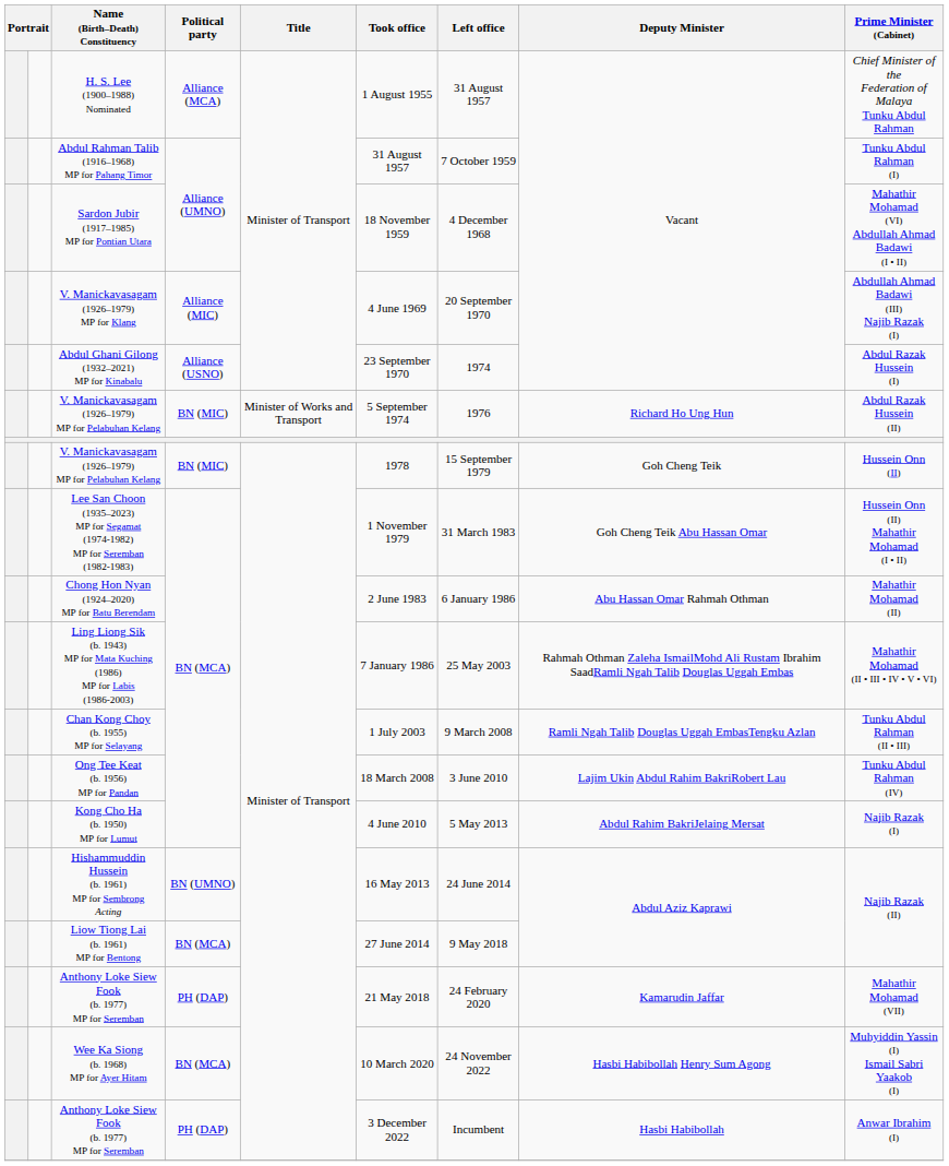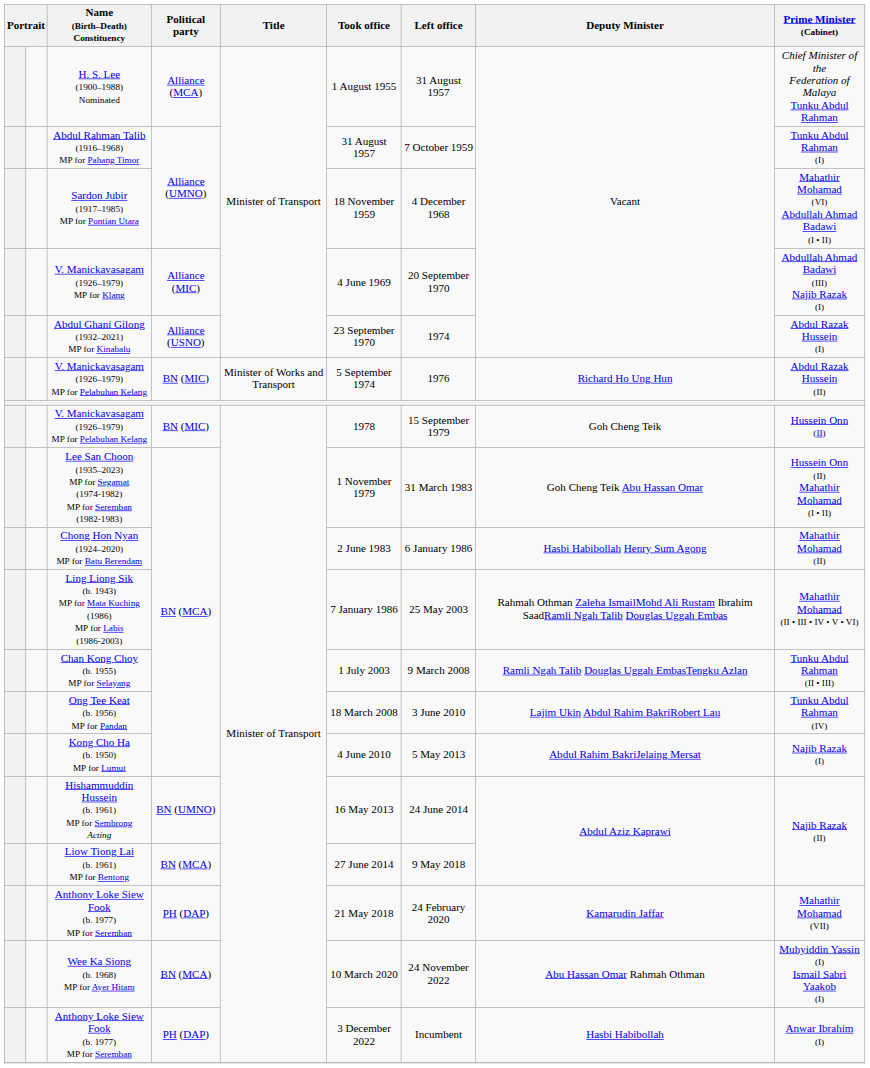 <table class="wikitable" style="text-align:center;">
 <tr>
 <th colspan=2>Portrait</th>
 <th>Name<br><small>(Birth–Death)<br>Constituency</small></th>
 <th>Political party</th>
 <th>Title</th>
 <th>Took office</th>
 <th>Left office</th>
 <th>Deputy Minister</th>
 <th><a href='#'>Prime Minister</a><br><small>(Cabinet)</small></th>
 </tr>
 <tr>
 <th style="background:"></th>
 <td></td>
 <td><a href='#'>H. S. Lee</a><br><small>(1900–1988)<br>Nominated</small></td>
 <td><a href='#'>Alliance</a> (<a href='#'>MCA</a>)</td>
 <td rowspan=5>Minister of Transport</td>
 <td>1 August 1955</td>
 <td>31 August 1957</td>
 <td rowspan="5">Vacant</td>
 <td><em>Chief Minister of the <br>Federation of Malaya</em><br><a href='#'>Tunku Abdul Rahman</a></td>
 </tr>
 <tr>
 <th style="background:"></th>
 <td></td>
 <td><a href='#'>Abdul Rahman Talib</a><br><small>(1916–1968)<br>MP for <a href='#'>Pahang Timor</a></small></td>
 <td rowspan=2><a href='#'>Alliance</a> (<a href='#'>UMNO</a>)</td>
 <td>31 August 1957</td>
 <td>7 October 1959</td>
 <td><a href='#'>Tunku Abdul Rahman</a><br><small>(I)</small></td>
 </tr>
 <tr>
 <th style="background:"></th>
 <td></td>
 <td><a href='#'>Sardon Jubir</a><br><small>(1917–1985)<br>MP for <a href='#'>Pontian Utara</a></small></td>
 <td>18 November 1959</td>
 <td>4 December 1968</td>
 <td><a href='#'>Mahathir Mohamad</a><br><small>(VI)</small><br><a href='#'>Abdullah Ahmad Badawi</a><br><small>(I • II)</small></td>
 </tr>
 <tr>
 <th style="background:"></th>
 <td></td>
 <td><a href='#'>V. Manickavasagam</a><br><small>(1926–1979)<br>MP for <a href='#'>Klang</a></small></td>
 <td><a href='#'>Alliance</a> (<a href='#'>MIC</a>)</td>
 <td>4 June 1969</td>
 <td>20 September 1970</td>
 <td><a href='#'>Abdullah Ahmad Badawi</a><br><small>(III)</small><br><a href='#'>Najib Razak</a><br><small>(I)</small></td>
 </tr>
 <tr>
 <th style="background:"></th>
 <td></td>
 <td><a href='#'>Abdul Ghani Gilong</a><br><small>(1932–2021)<br>MP for <a href='#'>Kinabalu</a></small></td>
 <td><a href='#'>Alliance</a> (<a href='#'>USNO</a>)</td>
 <td>23 September 1970</td>
 <td>1974</td>
 <td><a href='#'>Abdul Razak Hussein</a><br><small>(I)</small></td>
 </tr>
 <tr>
 <th style="background:"></th>
 <td></td>
 <td><a href='#'>V. Manickavasagam</a><br><small>(1926–1979)<br>MP for <a href='#'>Pelabuhan Kelang</a></small></td>
 <td><a href='#'>BN</a> (<a href='#'>MIC</a>)</td>
 <td>Minister of Works and Transport</td>
 <td>5 September 1974</td>
 <td>1976</td>
 <td><a href='#'>Richard Ho Ung Hun</a></td>
 <td><a href='#'>Abdul Razak Hussein</a><br><small>(II)</small></td>
 </tr>
 <tr>
 <th colspan="9" bgcolor="cccccc"></th>
 </tr>
 <tr>
 <th style="background:"></th>
 <td></td>
 <td><a href='#'>V. Manickavasagam</a><br><small>(1926–1979)<br>MP for <a href='#'>Pelabuhan Kelang</a></small></td>
 <td><a href='#'>BN</a> (<a href='#'>MIC</a>)</td>
 <td rowspan="12">Minister of Transport</td>
 <td>1978</td>
 <td>15 September 1979</td>
 <td>Goh Cheng Teik</td>
 <td><a href='#'>Hussein Onn</a><br><small>(<a href='#'>II</a>)</small></td>
 </tr>
 <tr>
 <th style="background:"></th>
 <td></td>
 <td><a href='#'>Lee San Choon</a><br><small>(1935–2023)<br>MP for <a href='#'>Segamat</a><br> (1974-1982)<br>MP for <a href='#'>Seremban</a><br> (1982-1983)</small></td>
 <td rowspan="6"><a href='#'>BN</a> (<a href='#'>MCA</a>)</td>
 <td>1 November 1979</td>
 <td>31 March 1983</td>
 <td>Goh Cheng Teik <a href='#'>Abu Hassan Omar</a> </td>
 <td><a href='#'>Hussein Onn</a><br><small>(II)</small><br><a href='#'>Mahathir Mohamad</a><br><small>(I • II)</small></td>
 </tr>
 <tr>
 <th style="background:"></th>
 <td></td>
 <td><a href='#'>Chong Hon Nyan</a><br><small>(1924–2020)<br>MP for <a href='#'>Batu Berendam</a></small></td>
 <td>2 June 1983</td>
 <td>6 January 1986</td>
-<td><a href='#'>Abu Hassan Omar</a> Rahmah Othman </td>
+<td><a href='#'>Hasbi Habibollah</a> <a href='#'>Henry Sum Agong</a> </td>
 <td><a href='#'>Mahathir Mohamad</a><br><small>(II)</small></td>
 </tr>
 <tr>
 <th style="background:"></th>
 <td></td>
 <td><a href='#'>Ling Liong Sik</a><br><small>(b. 1943)<br>MP for <a href='#'>Mata Kuching</a> <br> (1986)<br>MP for <a href='#'>Labis</a> <br> (1986-2003) </small></td>
 <td>7 January 1986</td>
 <td>25 May 2003</td>
 <td>Rahmah Othman  <a href='#'>Zaleha Ismail</a><a href='#'>Mohd Ali Rustam</a>  Ibrahim Saad<a href='#'>Ramli Ngah Talib</a>  <a href='#'>Douglas Uggah Embas</a></td>
 <td><a href='#'>Mahathir Mohamad</a><br><small>(II • III • IV • V • VI)</small></td>
 </tr>
 <tr>
 <th style="background:"></th>
 <td></td>
 <td><a href='#'>Chan Kong Choy</a><br><small>(b. 1955)<br>MP for <a href='#'>Selayang</a></small></td>
 <td>1 July 2003</td>
 <td>9 March 2008</td>
 <td><a href='#'>Ramli Ngah Talib</a>  <a href='#'>Douglas Uggah Embas</a><a href='#'>Tengku Azlan</a> </td>
 <td><a href='#'>Tunku Abdul Rahman</a><br><small>(II • III)</small></td>
 </tr>
 <tr>
 <th style="background:"></th>
 <td></td>
 <td><a href='#'>Ong Tee Keat</a><br><small>(b. 1956)<br>MP for <a href='#'>Pandan</a></small></td>
 <td>18 March 2008</td>
 <td>3 June 2010</td>
 <td><a href='#'>Lajim Ukin</a>  <a href='#'>Abdul Rahim Bakri</a><a href='#'>Robert Lau</a> </td>
 <td><a href='#'>Tunku Abdul Rahman</a><br><small>(IV)</small></td>
 </tr>
 <tr>
 <th style="background:"></th>
 <td></td>
 <td><a href='#'>Kong Cho Ha</a><br><small>(b. 1950)<br>MP for <a href='#'>Lumut</a></small></td>
 <td>4 June 2010</td>
 <td>5 May 2013</td>
 <td><a href='#'>Abdul Rahim Bakri</a><a href='#'>Jelaing Mersat</a> </td>
 <td><a href='#'>Najib Razak</a><br><small>(I)</small></td>
 </tr>
 <tr>
 <th style="background:"></th>
 <td></td>
 <td><a href='#'>Hishammuddin Hussein</a><br><small>(b. 1961)<br>MP for <a href='#'>Sembrong</a><br><em>Acting</em></small></td>
 <td><a href='#'>BN</a> (<a href='#'>UMNO</a>)</td>
 <td>16 May 2013</td>
 <td>24 June 2014</td>
 <td rowspan="2"><a href='#'>Abdul Aziz Kaprawi</a></td>
 <td rowspan="2"><a href='#'>Najib Razak</a><br><small>(II)</small></td>
 </tr>
 <tr>
 <th style="background:"></th>
 <td></td>
 <td><a href='#'>Liow Tiong Lai</a><br><small>(b. 1961)<br>MP for <a href='#'>Bentong</a></small></td>
 <td><a href='#'>BN</a> (<a href='#'>MCA</a>)</td>
 <td>27 June 2014</td>
 <td>9 May 2018</td>
 </tr>
 <tr>
 <th style="background:"></th>
 <td></td>
 <td><a href='#'>Anthony Loke Siew Fook</a><br><small>(b. 1977)<br>MP for <a href='#'>Seremban</a></small></td>
 <td><a href='#'>PH</a> (<a href='#'>DAP</a>)</td>
 <td>21 May 2018</td>
 <td>24 February 2020</td>
 <td><a href='#'>Kamarudin Jaffar</a></td>
 <td><a href='#'>Mahathir Mohamad</a><br><small>(VII)</small></td>
 </tr>
 <tr>
 <th style="background:"></th>
 <td></td>
 <td><a href='#'>Wee Ka Siong</a><br><small>(b. 1968)<br>MP for <a href='#'>Ayer Hitam</a></small></td>
 <td><a href='#'>BN</a> (<a href='#'>MCA</a>)</td>
 <td>10 March 2020</td>
 <td>24 November 2022</td>
-<td><a href='#'>Hasbi Habibollah</a> <a href='#'>Henry Sum Agong</a> </td>
+<td><a href='#'>Abu Hassan Omar</a> Rahmah Othman </td>
 <td><a href='#'>Muhyiddin Yassin</a><br><small>(I)</small><br><a href='#'>Ismail Sabri Yaakob</a><br><small>(I)</small></td>
 </tr>
 <tr>
 <th style="background:"></th>
 <td></td>
 <td><a href='#'>Anthony Loke Siew Fook</a><br><small>(b. 1977)<br>MP for <a href='#'>Seremban</a></small></td>
 <td><a href='#'>PH</a> (<a href='#'>DAP</a>)</td>
 <td>3 December 2022</td>
 <td>Incumbent</td>
 <td><a href='#'>Hasbi Habibollah</a></td>
 <td><a href='#'>Anwar Ibrahim</a><br><small>(I)</small></td>
 </tr>
 <tr>
 </tr>
 </table>
